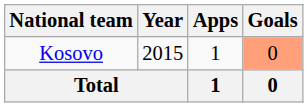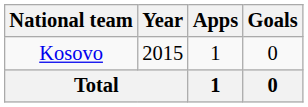 <table class=wikitable style="text-align: center;">
 <tr>
 <th>National team</th>
 <th>Year</th>
 <th>Apps</th>
 <th>Goals</th>
 </tr>
 <tr>
 <td rowspan=1><a href='#'>Kosovo</a></td>
 <td>2015</td>
 <td>1</td>
-<td style="background: lightsalmon;">0</td>
+<td>0</td>
 </tr>
 <tr>
 <th colspan=2>Total</th>
 <th>1</th>
 <th>0</th>
 </tr>
 </table>
